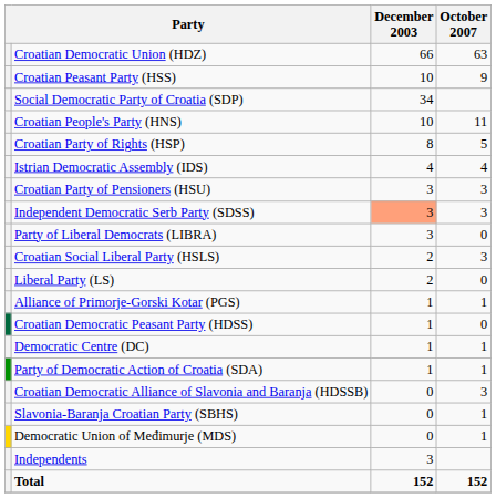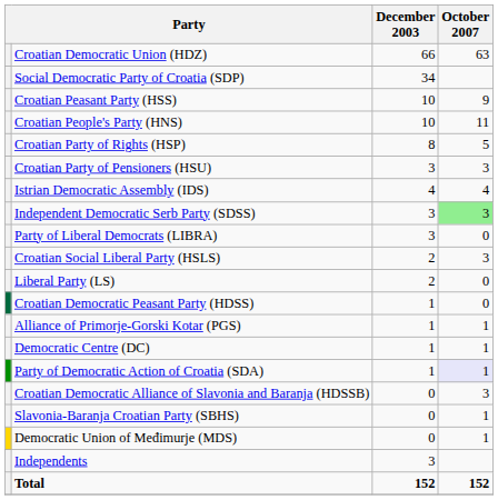 <table class="wikitable" style="font-size: 95%;">
 <tr>
 <th colspan=2>Party</th>
 <th>December<br> 2003</th>
 <th>October<br> 2007</th>
 </tr>
 <tr>
 <th style="background-color: "></th>
 <td><a href='#'>Croatian Democratic Union</a> (HDZ)</td>
 <td align="right">66</td>
 <td align="right">63</td>
 </tr>
 <tr>
 <th style="background-color: "></th>
+<td><a href='#'>Social Democratic Party of Croatia</a> (SDP)</td>
+<td align="right">34</td>
+<td align="right"></td>
+</tr>
+<tr>
+<th style="background-color: "></th>
 <td><a href='#'>Croatian Peasant Party</a> (HSS)</td>
 <td align="right">10</td>
 <td align="right">9</td>
-</tr>
-<tr>
-<th style="background-color: "></th>
-<td><a href='#'>Social Democratic Party of Croatia</a> (SDP)</td>
-<td align="right">34</td>
-<td align="right"></td>
 </tr>
 <tr>
 <th style="background-color: "></th>
 <td><a href='#'>Croatian People's Party</a> (HNS)</td>
 <td align="right">10</td>
 <td align="right">11</td>
 </tr>
 <tr>
 <th style="background-color: "></th>
 <td><a href='#'>Croatian Party of Rights</a> (HSP)</td>
 <td align="right">8</td>
 <td align="right">5</td>
 </tr>
 <tr>
 <th style="background-color: "></th>
+<td><a href='#'>Croatian Party of Pensioners</a> (HSU)</td>
+<td align="right">3</td>
+<td align="right">3</td>
+</tr>
+<tr>
+<th style="background-color: "></th>
 <td><a href='#'>Istrian Democratic Assembly</a> (IDS)</td>
 <td align="right">4</td>
 <td align="right">4</td>
 </tr>
 <tr>
 <th style="background-color: "></th>
-<td><a href='#'>Croatian Party of Pensioners</a> (HSU)</td>
+<td><a href='#'>Independent Democratic Serb Party</a> (SDSS)</td>
 <td align="right">3</td>
-<td align="right">3</td>
-</tr>
-<tr>
-<th style="background-color: "></th>
-<td><a href='#'>Independent Democratic Serb Party</a> (SDSS)</td>
-<td align="right" style="background: lightsalmon;">3</td>
-<td align="right">3</td>
+<td align="right" style="background: lightgreen;">3</td>
 </tr>
 <tr>
 <th style="background-color: "></th>
 <td><a href='#'>Party of Liberal Democrats</a> (LIBRA)</td>
 <td align="right">3</td>
 <td align="right">0</td>
 </tr>
 <tr>
 <th style="background-color: "></th>
 <td><a href='#'>Croatian Social Liberal Party</a> (HSLS)</td>
 <td align="right">2</td>
 <td align="right">3</td>
 </tr>
 <tr>
 <th style="background-color: "></th>
 <td><a href='#'>Liberal Party</a> (LS)</td>
 <td align="right">2</td>
 <td align="right">0</td>
 </tr>
 <tr>
+<th style="background-color: #00693E"></th>
+<td><a href='#'>Croatian Democratic Peasant Party</a> (HDSS)</td>
+<td align="right">1</td>
+<td align="right">0</td>
+</tr>
+<tr>
 <th style="background-color: "></th>
 <td><a href='#'>Alliance of Primorje-Gorski Kotar</a> (PGS)</td>
 <td align="right">1</td>
 <td align="right">1</td>
-</tr>
-<tr>
-<th style="background-color: #00693E"></th>
-<td><a href='#'>Croatian Democratic Peasant Party</a> (HDSS)</td>
-<td align="right">1</td>
-<td align="right">0</td>
 </tr>
 <tr>
 <th style="background-color: "></th>
 <td><a href='#'>Democratic Centre</a> (DC)</td>
 <td align="right">1</td>
 <td align="right">1</td>
 </tr>
 <tr>
 <th style="background-color: #009000"></th>
 <td><a href='#'>Party of Democratic Action of Croatia</a> (SDA)</td>
 <td align="right">1</td>
-<td align="right">1</td>
+<td align="right" style="background: lavender;">1</td>
 </tr>
 <tr>
 <th style="background-color: "></th>
 <td><a href='#'>Croatian Democratic Alliance of Slavonia and Baranja</a> (HDSSB)</td>
 <td align="right">0</td>
 <td align="right">3</td>
 </tr>
 <tr>
 <th style="background-color: "></th>
 <td><a href='#'>Slavonia-Baranja Croatian Party</a> (SBHS)</td>
 <td align="right">0</td>
 <td align="right">1</td>
 </tr>
 <tr>
 <th style="background-color: gold"></th>
 <td>Democratic Union of Međimurje (MDS)</td>
 <td align="right">0</td>
 <td align="right">1</td>
 </tr>
 <tr>
 <th style="background-color: "></th>
 <td><a href='#'>Independents</a></td>
 <td align="right">3</td>
 <td align="right"></td>
 </tr>
 <tr>
 <th style="background-color: "></th>
 <td><strong>Total</strong></td>
 <td align="right"><strong>152</strong></td>
 <td align="right"><strong>152</strong></td>
 </tr>
 <tr>
 </tr>
 </table>
